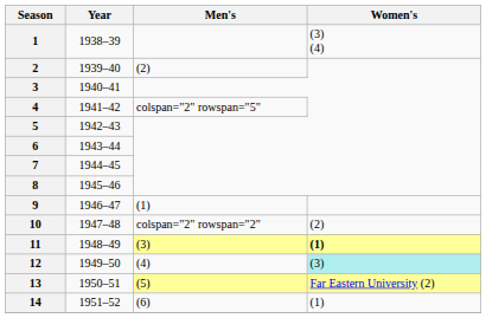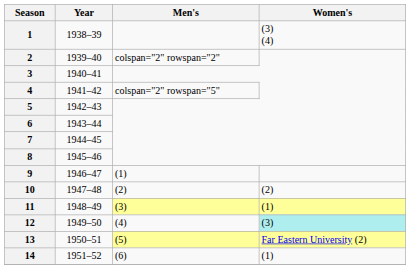 <table class="wikitable plainrowheaders" style="font-size:95%;">
 <tr>
 <th scope="col" style="width:70px;">Season</th>
 <th scope="col" style="width:80px;">Year</th>
 <th scope="col" style="width:215px;">Men's</th>
 <th scope="col" style="width:215px;">Women's</th>
 </tr>
 <tr>
 <th scope="row" style="text-align:center;">1</th>
 <td align=center>1938–39</td>
 <td></td>
 <td> (3)<br> (4)</td>
 </tr>
 <tr>
 <th scope="row" style="text-align:center;">2</th>
 <td align=center>1939–40</td>
-<td> (2)</td>
+<td>colspan="2" rowspan="2" </td>
 </tr>
 <tr>
 <th scope="row" style="text-align:center;">3</th>
 <td align=center>1940–41</td>
 </tr>
 <tr>
 <th scope="row" style="text-align:center;">4</th>
 <td align=center>1941–42</td>
 <td>colspan="2" rowspan="5" </td>
 </tr>
 <tr>
 <th scope="row" style="text-align:center;">5</th>
 <td align=center>1942–43</td>
 </tr>
 <tr>
 <th scope="row" style="text-align:center;">6</th>
 <td align=center>1943–44</td>
 </tr>
 <tr>
 <th scope="row" style="text-align:center;">7</th>
 <td align=center>1944–45</td>
 </tr>
 <tr>
 <th scope="row" style="text-align:center;">8</th>
 <td align=center>1945–46</td>
 </tr>
 <tr>
 <th scope="row" style="text-align:center;">9</th>
 <td align=center>1946–47</td>
 <td> (1)</td>
 <td></td>
 </tr>
 <tr>
 <th scope="row" style="text-align:center;">10</th>
 <td align=center>1947–48</td>
-<td>colspan="2" rowspan="2" </td>
+<td> (2)</td>
 <td> (2)</td>
 </tr>
 <tr>
 <th scope="row" style="text-align:center;">11</th>
 <td align=center>1948–49</td>
 <td bgcolor=#FFFF99> (3)</td>
-<td bgcolor=#FFFF99><strong> (1)</strong></td>
+<td bgcolor=#FFFF99> (1)</td>
 </tr>
 <tr>
 <th scope="row" style="text-align:center;">12</th>
 <td align=center>1949–50</td>
 <td> (4)</td>
 <td style="background: paleturquoise;"> (3)</td>
 </tr>
 <tr>
 <th scope="row" style="text-align:center;">13</th>
 <td align=center>1950–51</td>
 <td bgcolor=#FFFF99> (5)</td>
 <td bgcolor=#FFFF99> <a href='#'>Far Eastern University</a> (2)</td>
 </tr>
 <tr>
 <th scope="row" style="text-align:center;">14</th>
 <td align=center>1951–52</td>
 <td> (6)</td>
 <td> (1)</td>
 </tr>
 <tr>
 </tr>
 </table>
